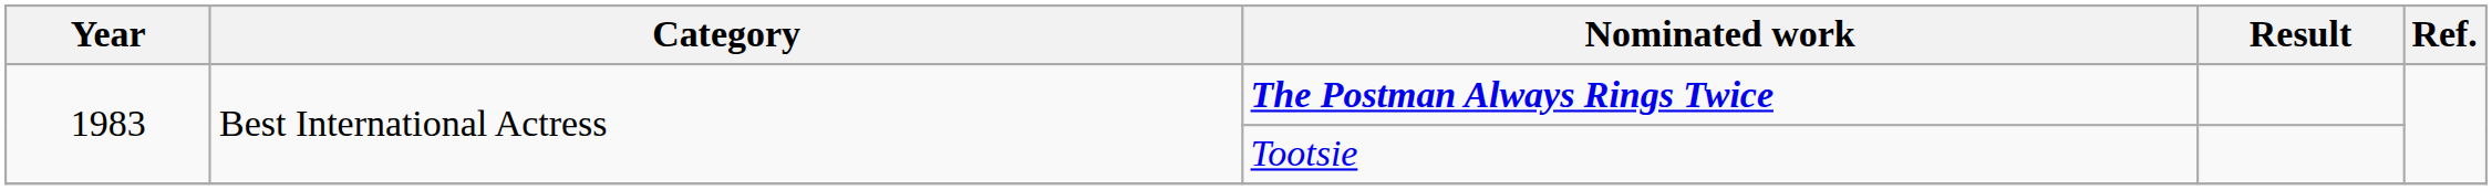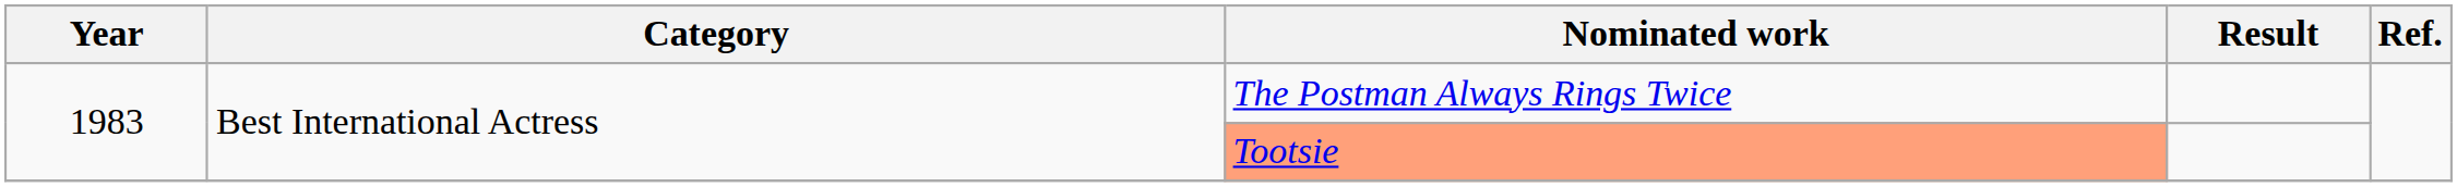 <table class=wikitable>
 <tr>
 <th scope="col" style="width:5em;">Year</th>
 <th scope="col" style="width:27em;">Category</th>
 <th scope="col" style="width:25em;">Nominated work</th>
 <th scope="col" style="width:5em;">Result</th>
 <th>Ref.</th>
 </tr>
 <tr>
 <td style="text-align:center;", rowspan=2>1983</td>
 <td rowspan=2>Best International Actress</td>
-<td><strong><em><a href='#'>The Postman Always Rings Twice</a></em></strong></td>
+<td><em><a href='#'>The Postman Always Rings Twice</a></em></td>
 <td></td>
 <td align=center, rowspan=2></td>
 </tr>
 <tr>
-<td><em><a href='#'>Tootsie</a></em></td>
+<td style="background: lightsalmon;"><em><a href='#'>Tootsie</a></em></td>
 <td></td>
 </tr>
 <tr>
 </tr>
 </table>
